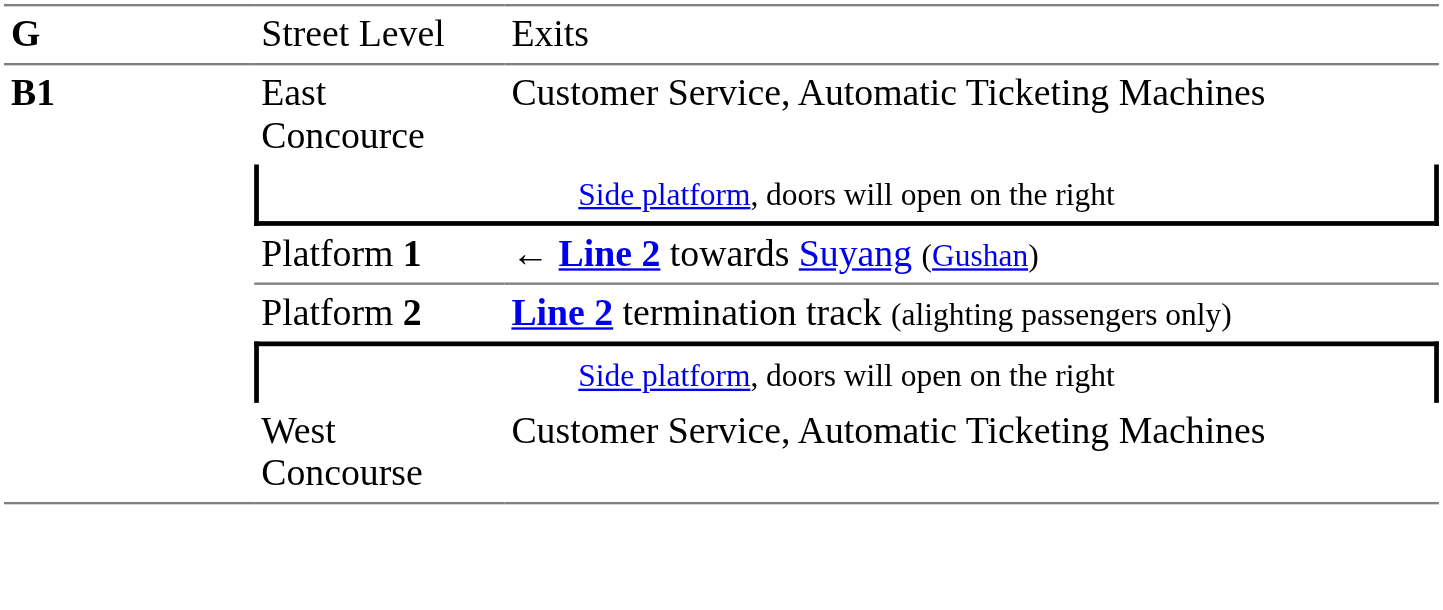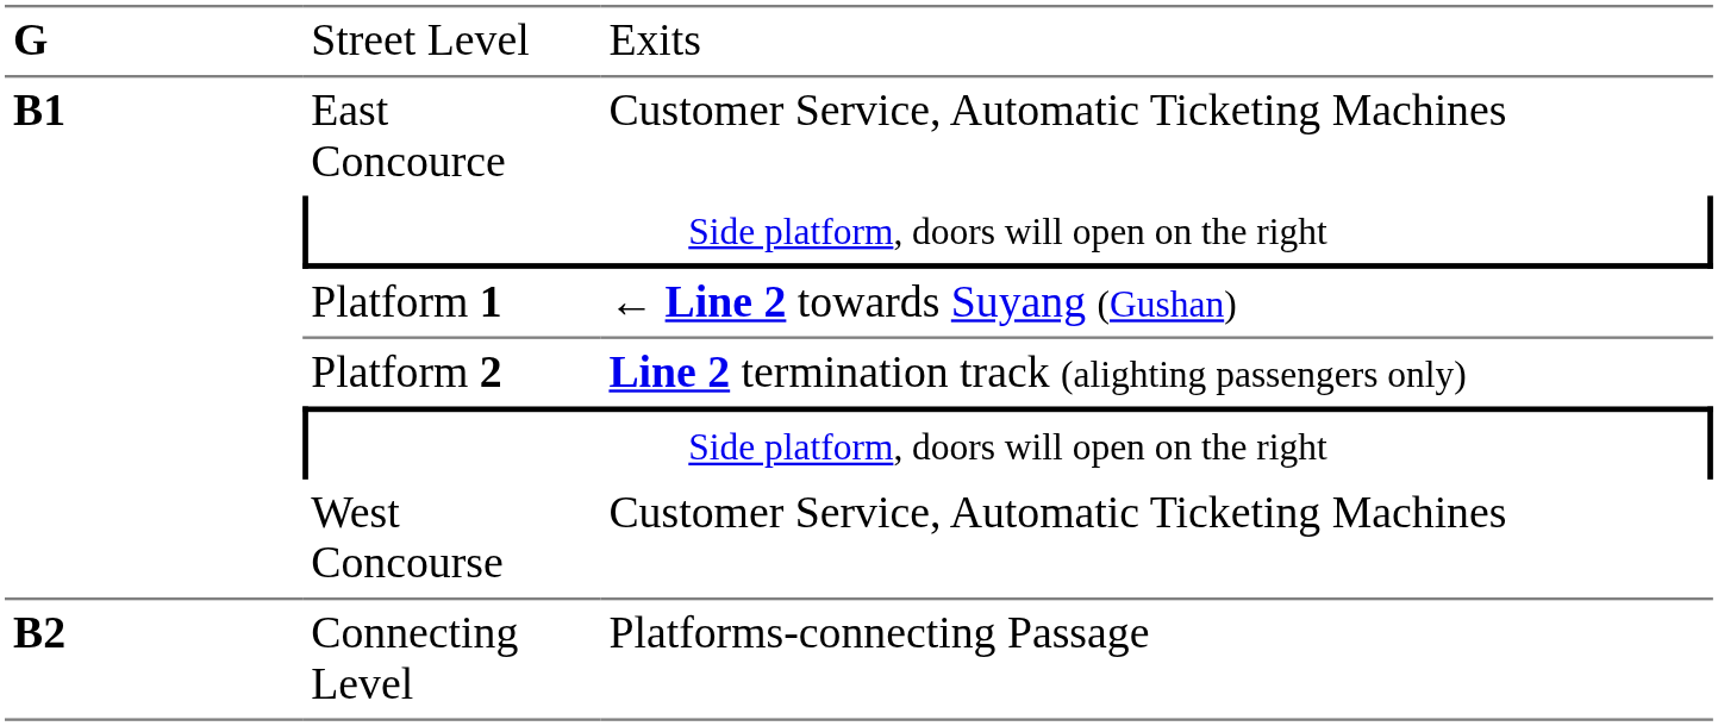 <table cellpadding="3" cellspacing="0" border="0">
 <tr>
 <td width="100" valign="top" style="border-top:solid 1px gray;border-bottom:solid 1px gray;"><strong>G</strong></td>
 <td width="100" valign="top" style="border-top:solid 1px gray;border-bottom:solid 1px gray;">Street Level</td>
 <td width="390" valign="top" style="border-top:solid 1px gray;border-bottom:solid 1px gray;">Exits</td>
 </tr>
 <tr>
 <td rowspan="6" valign="top" style="border-bottom:solid 1px gray;"><strong>B1</strong></td>
 <td valign="top">East Concource</td>
 <td valign="top">Customer Service, Automatic Ticketing Machines</td>
 </tr>
 <tr>
 <td colspan="2" style="border-right:solid 2px black;border-left:solid 2px black;border-bottom:solid 2px black;text-align:center;"><small><a href='#'>Side platform</a>, doors will open on the right</small></td>
 </tr>
 <tr>
 <td style="border-bottom:solid 1px gray;">Platform <strong>1</strong></td>
 <td style="border-bottom:solid 1px gray;">← <a href='#'><span><span><strong>Line 2</strong></span></span></a> towards <a href='#'>Suyang</a> <small>(<a href='#'>Gushan</a>)</small></td>
 </tr>
 <tr>
 <td>Platform <strong>2</strong></td>
 <td> <a href='#'><span><span><strong>Line 2</strong></span></span></a> termination track <small>(alighting passengers only)</small></td>
 </tr>
 <tr>
 <td colspan="2" style="border-right:solid 2px black;border-left:solid 2px black;border-top:solid 2px black;text-align:center;"><small><a href='#'>Side platform</a>, doors will open on the right</small></td>
 </tr>
 <tr>
 <td valign="top" style="border-bottom:solid 1px gray;">West Concourse</td>
 <td valign="top" style="border-bottom:solid 1px gray;">Customer Service, Automatic Ticketing Machines</td>
 </tr>
+<tr>
+<td valign="top" style="border-bottom:solid 1px gray;"><strong>B2</strong></td>
+<td valign="top" style="border-bottom:solid 1px gray;">Connecting Level</td>
+<td valign="top" style="border-bottom:solid 1px gray;">Platforms-connecting Passage</td>
+</tr>
 </table>
